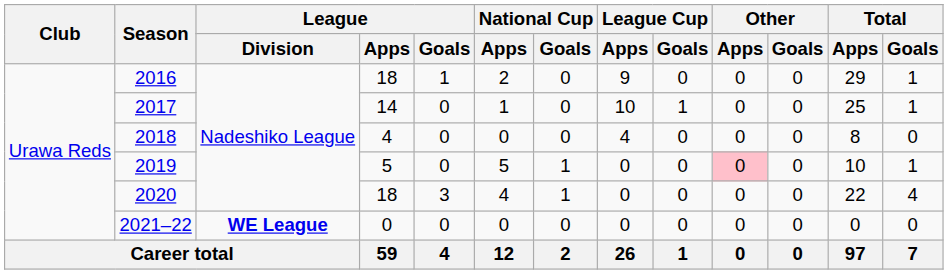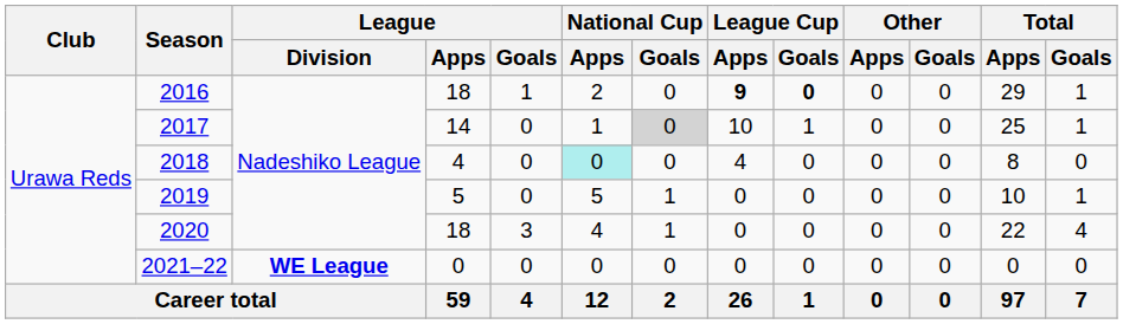 <table class="wikitable" style="text-align: center">
 <tr>
 <th rowspan="2">Club</th>
 <th rowspan="2">Season</th>
 <th colspan="3">League</th>
 <th colspan="2">National Cup</th>
 <th colspan="2">League Cup</th>
 <th colspan="2">Other</th>
 <th colspan="2">Total</th>
 </tr>
 <tr>
 <th>Division</th>
 <th>Apps</th>
 <th>Goals</th>
 <th>Apps</th>
 <th>Goals</th>
 <th>Apps</th>
 <th>Goals</th>
 <th>Apps</th>
 <th>Goals</th>
 <th>Apps</th>
 <th>Goals</th>
 </tr>
 <tr>
 <td rowspan="6"><a href='#'>Urawa Reds</a></td>
 <td><a href='#'>2016</a></td>
 <td rowspan="5"><a href='#'>Nadeshiko League</a></td>
 <td>18</td>
 <td>1</td>
 <td>2</td>
 <td>0</td>
-<td>9</td>
-<td>0</td>
+<td><strong>9</strong></td>
+<td><strong>0</strong></td>
 <td>0</td>
 <td>0</td>
 <td>29</td>
 <td>1</td>
 </tr>
 <tr>
 <td><a href='#'>2017</a></td>
 <td>14</td>
 <td>0</td>
 <td>1</td>
-<td>0</td>
+<td style="background: lightgrey;">0</td>
 <td>10</td>
 <td>1</td>
 <td>0</td>
 <td>0</td>
 <td>25</td>
 <td>1</td>
 </tr>
 <tr>
 <td><a href='#'>2018</a></td>
 <td>4</td>
 <td>0</td>
-<td>0</td>
+<td style="background: paleturquoise;">0</td>
 <td>0</td>
 <td>4</td>
 <td>0</td>
 <td>0</td>
 <td>0</td>
 <td>8</td>
 <td>0</td>
 </tr>
 <tr>
 <td><a href='#'>2019</a></td>
 <td>5</td>
 <td>0</td>
 <td>5</td>
 <td>1</td>
 <td>0</td>
 <td>0</td>
-<td style="background: pink;">0</td>
+<td>0</td>
 <td>0</td>
 <td>10</td>
 <td>1</td>
 </tr>
 <tr>
 <td><a href='#'>2020</a></td>
 <td>18</td>
 <td>3</td>
 <td>4</td>
 <td>1</td>
 <td>0</td>
 <td>0</td>
 <td>0</td>
 <td>0</td>
 <td>22</td>
 <td>4</td>
 </tr>
 <tr>
 <td><a href='#'>2021–22</a></td>
 <td><strong><a href='#'>WE League</a></strong></td>
 <td>0</td>
 <td>0</td>
 <td>0</td>
 <td>0</td>
 <td>0</td>
 <td>0</td>
 <td>0</td>
 <td>0</td>
 <td>0</td>
 <td>0</td>
 </tr>
 <tr>
 <th colspan=3>Career total</th>
 <th>59</th>
 <th>4</th>
 <th>12</th>
 <th>2</th>
 <th>26</th>
 <th>1</th>
 <th>0</th>
 <th>0</th>
 <th>97</th>
 <th>7</th>
 </tr>
 </table>
